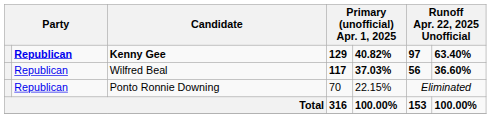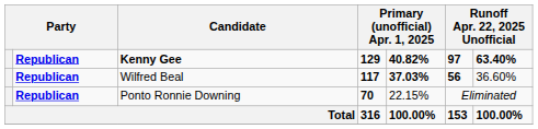 <table class="wikitable defaultright" style=width:45em; style="font-size: 95%;" |>
 <tr>
 <th colspan=2 style=width:8em>Party</th>
 <th style=width:20em>Candidate</th>
 <th colspan=2>Primary<br>(unofficial)<br>Apr. 1, 2025</th>
 <th colspan=2>Runoff<br>Apr. 22, 2025<br>Unofficial</th>
 </tr>
 <tr>
 <th style="background-color:"></th>
 <td style="text-align:left;"><strong><a href='#'>Republican</a></strong></td>
 <td style="text-align:left;"><strong>Kenny Gee</strong></td>
 <td><strong>129</strong></td>
 <td><strong>40.82%</strong></td>
 <td><strong>97</strong></td>
 <td><strong>63.40%</strong></td>
 </tr>
 <tr>
 <th style="background-color:"></th>
-<td style="text-align:left;"><a href='#'>Republican</a></td>
+<td style="text-align:left;"><strong><a href='#'>Republican</a></strong></td>
 <td style="text-align:left;">Wilfred Beal</td>
 <td><strong>117</strong></td>
 <td><strong>37.03%</strong></td>
 <td><strong>56</strong></td>
-<td><strong>36.60%</strong></td>
+<td>36.60%</td>
 </tr>
 <tr>
 <th style="background-color:"></th>
-<td style="text-align:left;"><a href='#'>Republican</a></td>
+<td style="text-align:left;"><strong><a href='#'>Republican</a></strong></td>
 <td style="text-align:left;">Ponto Ronnie Downing</td>
-<td>70</td>
+<td><strong>70</strong></td>
 <td>22.15%</td>
 <td style="text-align:center;" colspan=2><em>Eliminated</em></td>
 </tr>
 <tr>
 <th style="text-align: right;" colspan=3>Total</th>
 <td><strong>316</strong></td>
 <td><strong>100.00%</strong></td>
 <td><strong>153</strong></td>
 <td><strong>100.00%</strong></td>
 </tr>
 <tr>
 </tr>
 </table>
